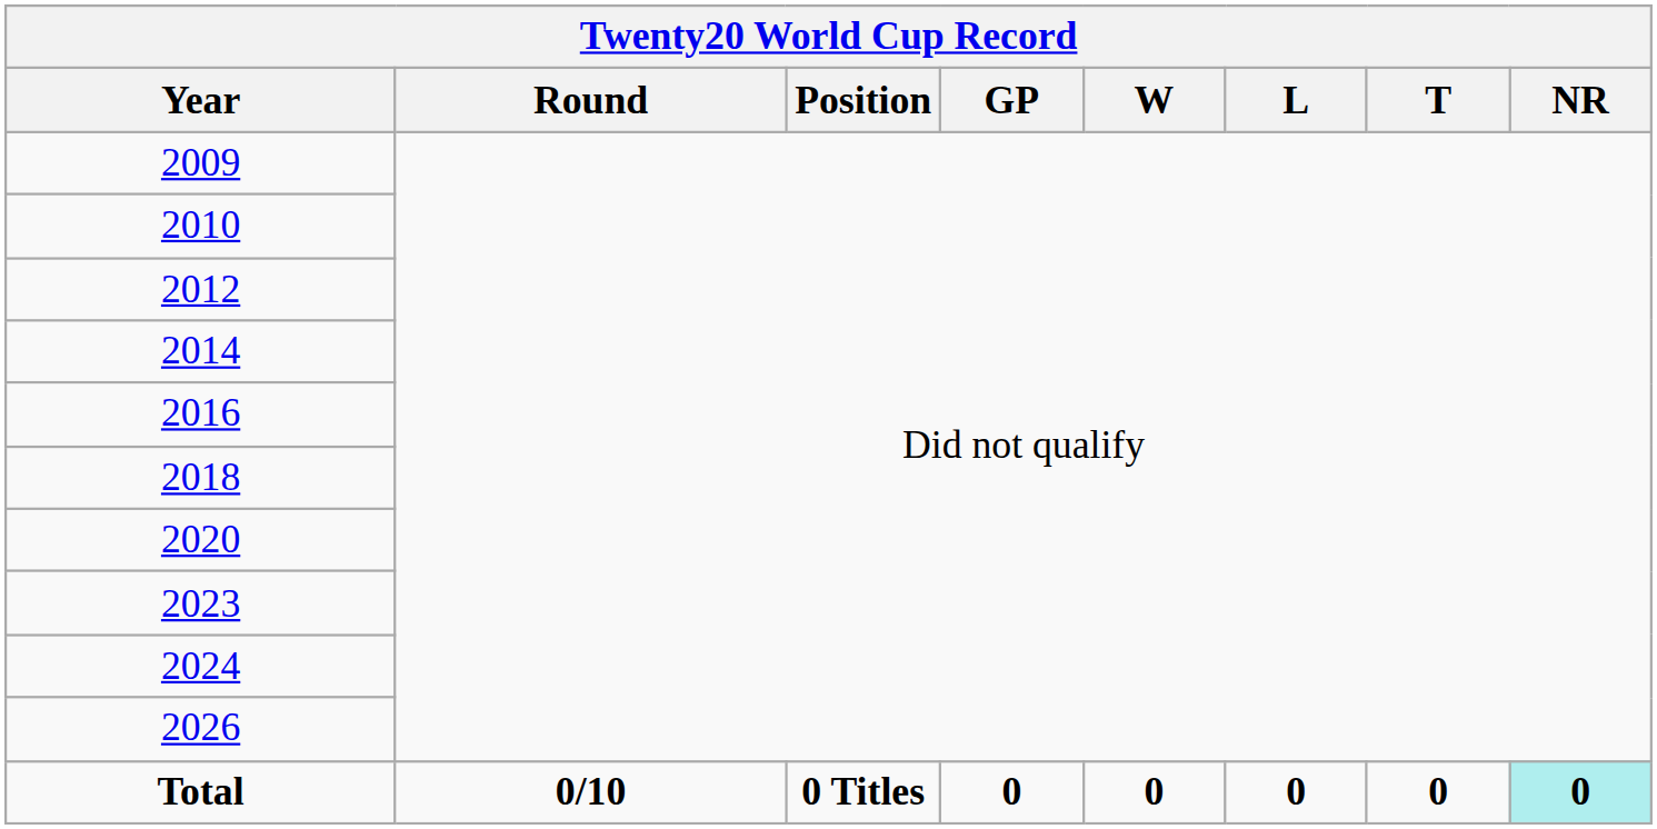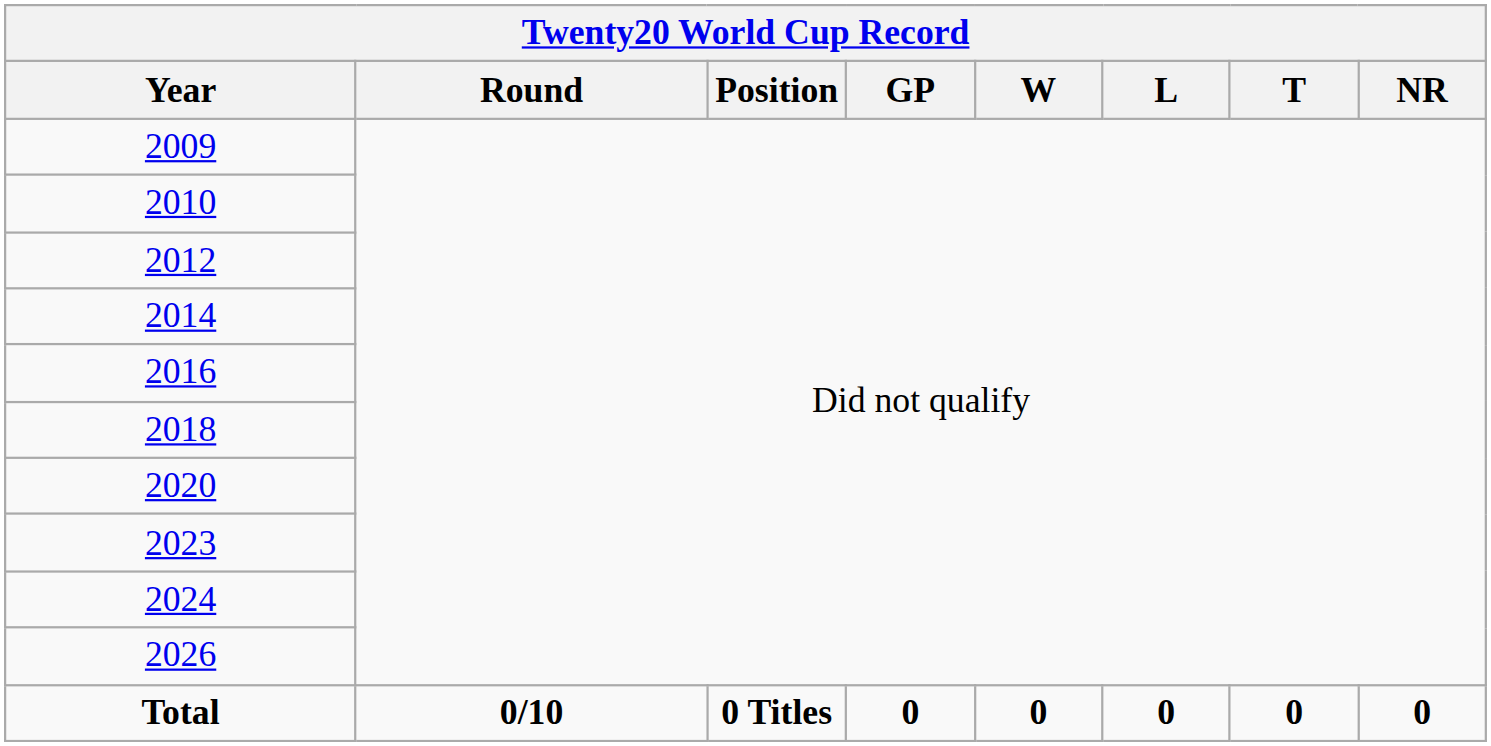 <table class="wikitable" style="text-align: center; width=900px;">
 <tr>
 <th colspan="8"><a href='#'>Twenty20 World Cup Record</a></th>
 </tr>
 <tr>
 <th width=150>Year</th>
 <th width=150>Round</th>
 <th width=50>Position</th>
 <th width=50>GP</th>
 <th width=50>W</th>
 <th width=50>L</th>
 <th width=50>T</th>
 <th width=50>NR</th>
 </tr>
 <tr>
 <td> <a href='#'>2009</a></td>
 <td colspan=7  rowspan=10>Did not qualify</td>
 </tr>
 <tr>
 <td> <a href='#'>2010</a></td>
 </tr>
 <tr>
 <td> <a href='#'>2012</a></td>
 </tr>
 <tr>
 <td> <a href='#'>2014</a></td>
 </tr>
 <tr>
 <td> <a href='#'>2016</a></td>
 </tr>
 <tr>
 <td> <a href='#'>2018</a></td>
 </tr>
 <tr>
 <td> <a href='#'>2020</a></td>
 </tr>
 <tr>
 <td> <a href='#'>2023</a></td>
 </tr>
 <tr>
 <td> <a href='#'>2024</a></td>
 </tr>
 <tr>
 <td> <a href='#'>2026</a></td>
 </tr>
 <tr>
 <td><strong>Total</strong></td>
 <td><strong>0/10</strong></td>
 <td><strong>0 Titles</strong></td>
 <td><strong>0</strong></td>
 <td><strong>0</strong></td>
 <td><strong>0</strong></td>
 <td><strong>0</strong></td>
-<td style="background: paleturquoise;"><strong>0</strong></td>
+<td><strong>0</strong></td>
 </tr>
 </table>
